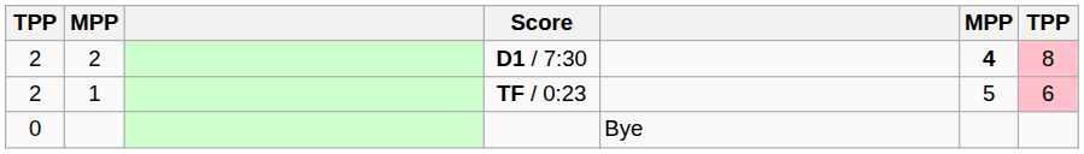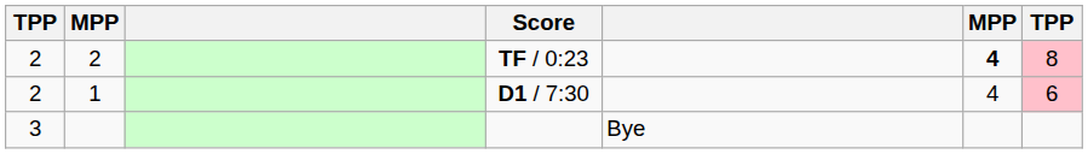 <table class="wikitable" style="text-align: center;" |>
 <tr>
 <th width="35">TPP</th>
 <th width="35">MPP</th>
 <th width="250"></th>
 <th width="75">Score</th>
 <th width="250"></th>
 <th width="35">MPP</th>
 <th width="35">TPP</th>
 </tr>
 <tr>
 <td>2</td>
 <td>2</td>
 <td style="text-align:left;" bgcolor="ccffcc"><strong></strong></td>
-<td><strong>D1</strong> / 7:30</td>
+<td><strong>TF</strong> / 0:23</td>
 <td style="text-align:left;"></td>
 <td><strong>4</strong></td>
 <td bgcolor=pink>8</td>
 </tr>
 <tr>
 <td>2</td>
 <td>1</td>
 <td style="text-align:left;" bgcolor="ccffcc"><strong></strong></td>
-<td><strong>TF</strong> / 0:23</td>
+<td><strong>D1</strong> / 7:30</td>
 <td style="text-align:left;"></td>
-<td>5</td>
+<td>4</td>
 <td bgcolor=pink>6</td>
 </tr>
 <tr>
-<td>0</td>
+<td>3</td>
 <td></td>
 <td style="text-align:left;" bgcolor="ccffcc"><strong></strong></td>
 <td></td>
 <td style="text-align:left;">Bye</td>
 <td></td>
 <td></td>
 </tr>
 </table>
